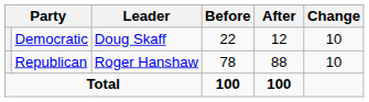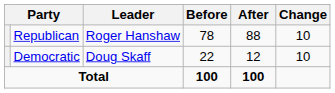 <table class="wikitable" style="text-align:center;">
 <tr>
 <th colspan="2">Party</th>
 <th>Leader</th>
 <th style="width:3em">Before</th>
 <th style="width:3em">After</th>
 <th style="width:3em">Change</th>
 </tr>
 <tr>
 <th style="background-color:"></th>
+<td style="text-align:left;"><a href='#'>Republican</a></td>
+<td style="text-align:left;"><a href='#'>Roger Hanshaw</a></td>
+<td>78</td>
+<td>88</td>
+<td> 10</td>
+</tr>
+<tr>
+<th style="background-color:"></th>
 <td style="text-align:left;"><a href='#'>Democratic</a></td>
 <td style="text-align:left;"><a href='#'>Doug Skaff</a></td>
 <td>22</td>
 <td>12</td>
-<td> 10</td>
-</tr>
-<tr>
-<th style="background-color:"></th>
-<td style="text-align:left;"><a href='#'>Republican</a></td>
-<td style="text-align:left;"><a href='#'>Roger Hanshaw</a></td>
-<td>78</td>
-<td>88</td>
 <td> 10</td>
 </tr>
 <tr>
 <td colspan="3"><strong>Total</strong></td>
 <td><strong>100</strong></td>
 <td><strong>100</strong></td>
 <td></td>
 </tr>
 </table>
